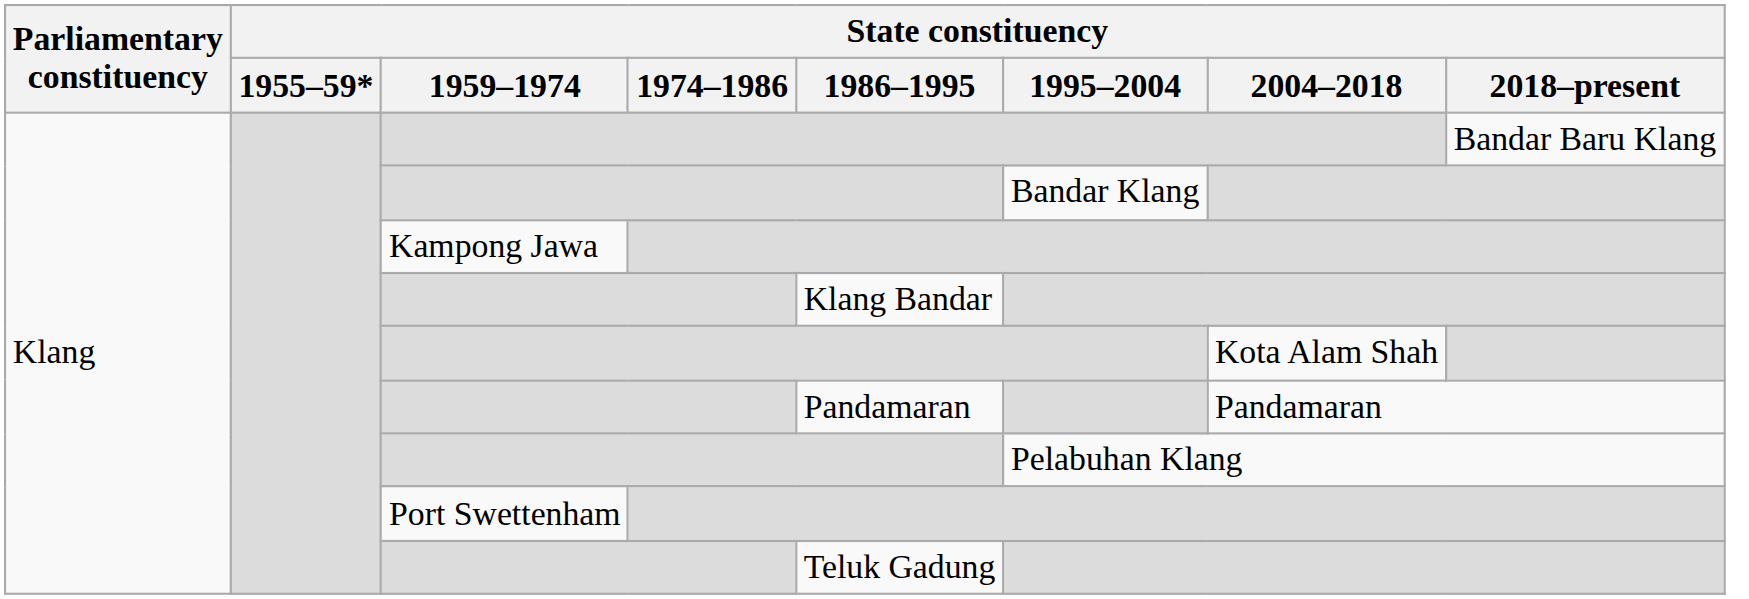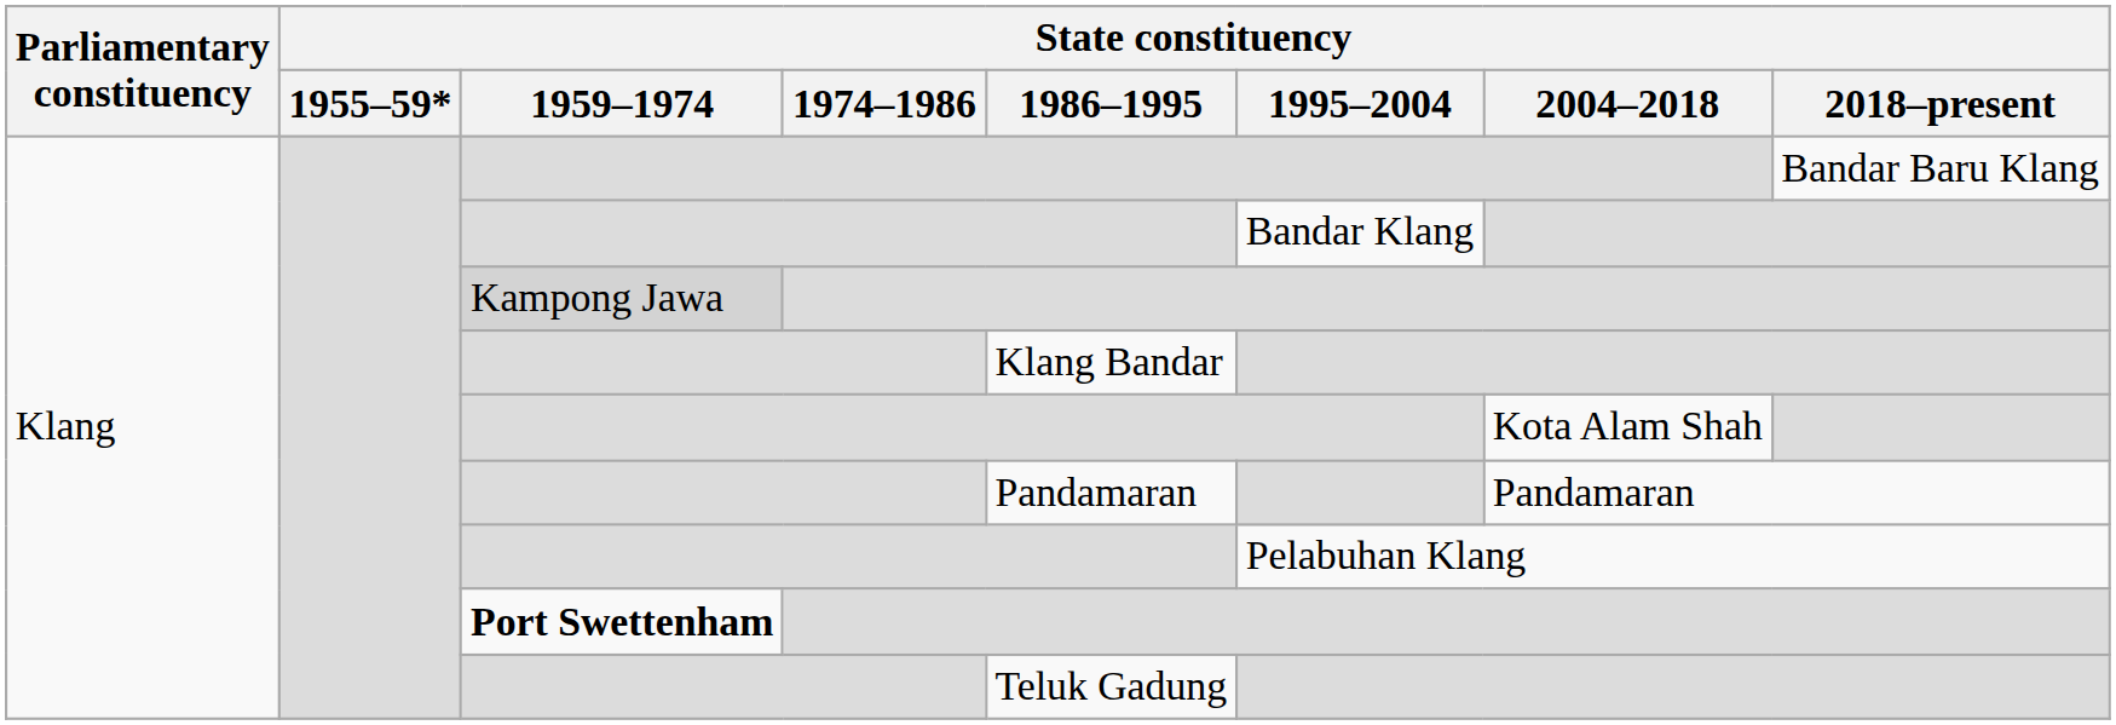 <table class="wikitable">
 <tr>
 <th rowspan="2">Parliamentary<br>constituency</th>
 <th colspan="7">State constituency</th>
 </tr>
 <tr>
 <th>1955–59*</th>
 <th>1959–1974</th>
 <th>1974–1986</th>
 <th>1986–1995</th>
 <th>1995–2004</th>
 <th>2004–2018</th>
 <th>2018–present</th>
 </tr>
 <tr>
 <td rowspan="9">Klang</td>
 <td rowspan="9" bgcolor="dcdcdc"></td>
 <td colspan="5" bgcolor="dcdcdc"></td>
 <td>Bandar Baru Klang</td>
 </tr>
 <tr>
 <td colspan="3" bgcolor="dcdcdc"></td>
 <td>Bandar Klang</td>
 <td colspan="2" bgcolor="dcdcdc"></td>
 </tr>
 <tr>
-<td>Kampong Jawa</td>
+<td style="background: lightgrey;">Kampong Jawa</td>
 <td colspan="5" bgcolor="dcdcdc"></td>
 </tr>
 <tr>
 <td colspan="2" bgcolor="dcdcdc"></td>
 <td>Klang Bandar</td>
 <td colspan="3" bgcolor="dcdcdc"></td>
 </tr>
 <tr>
 <td colspan="4" bgcolor="dcdcdc"></td>
 <td>Kota Alam Shah</td>
 <td bgcolor="dcdcdc"></td>
 </tr>
 <tr>
 <td colspan="2" bgcolor="dcdcdc"></td>
 <td>Pandamaran</td>
 <td bgcolor="dcdcdc"></td>
 <td colspan="2">Pandamaran</td>
 </tr>
 <tr>
 <td colspan="3" bgcolor="dcdcdc"></td>
 <td colspan="3">Pelabuhan Klang</td>
 </tr>
 <tr>
-<td>Port Swettenham</td>
+<td><strong>Port Swettenham</strong></td>
 <td colspan="5" bgcolor="dcdcdc"></td>
 </tr>
 <tr>
 <td colspan="2" bgcolor="dcdcdc"></td>
 <td>Teluk Gadung</td>
 <td colspan="3" bgcolor="dcdcdc"></td>
 </tr>
 </table>
